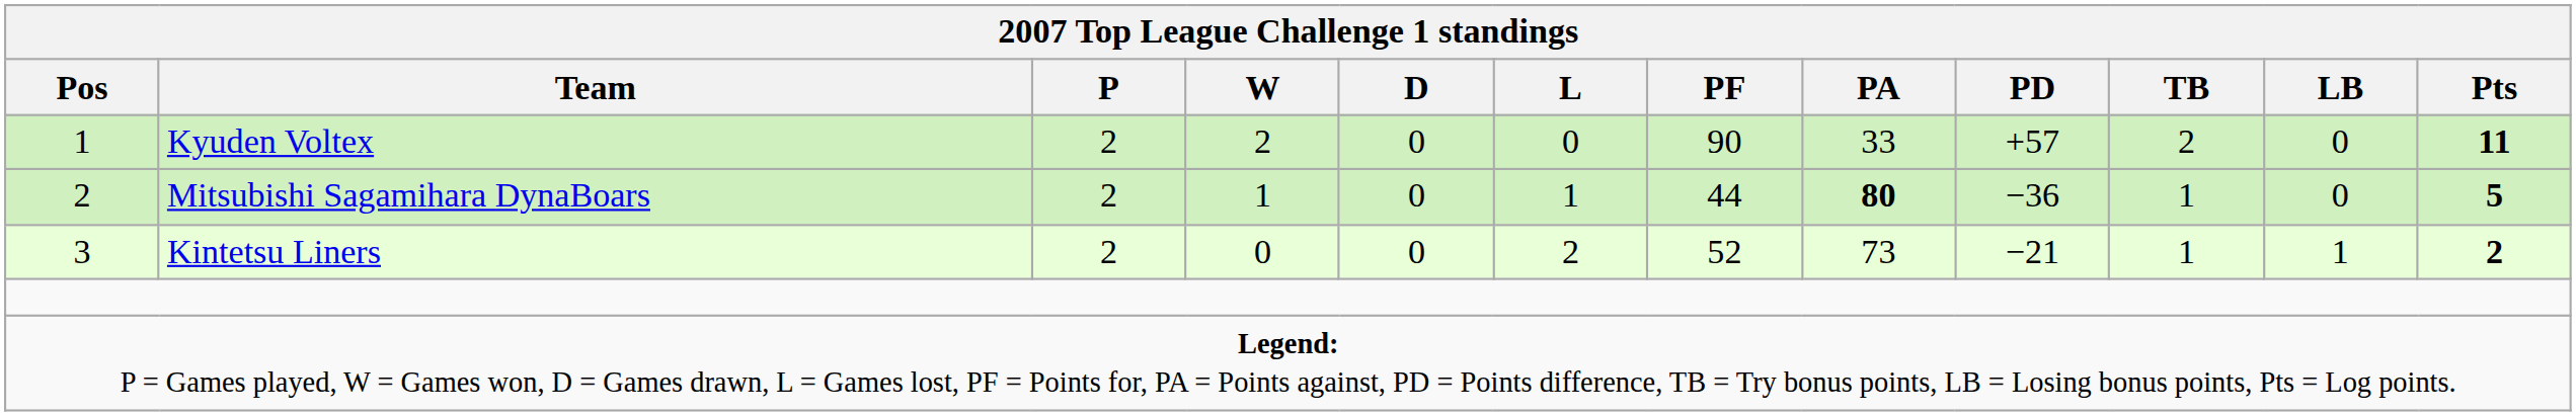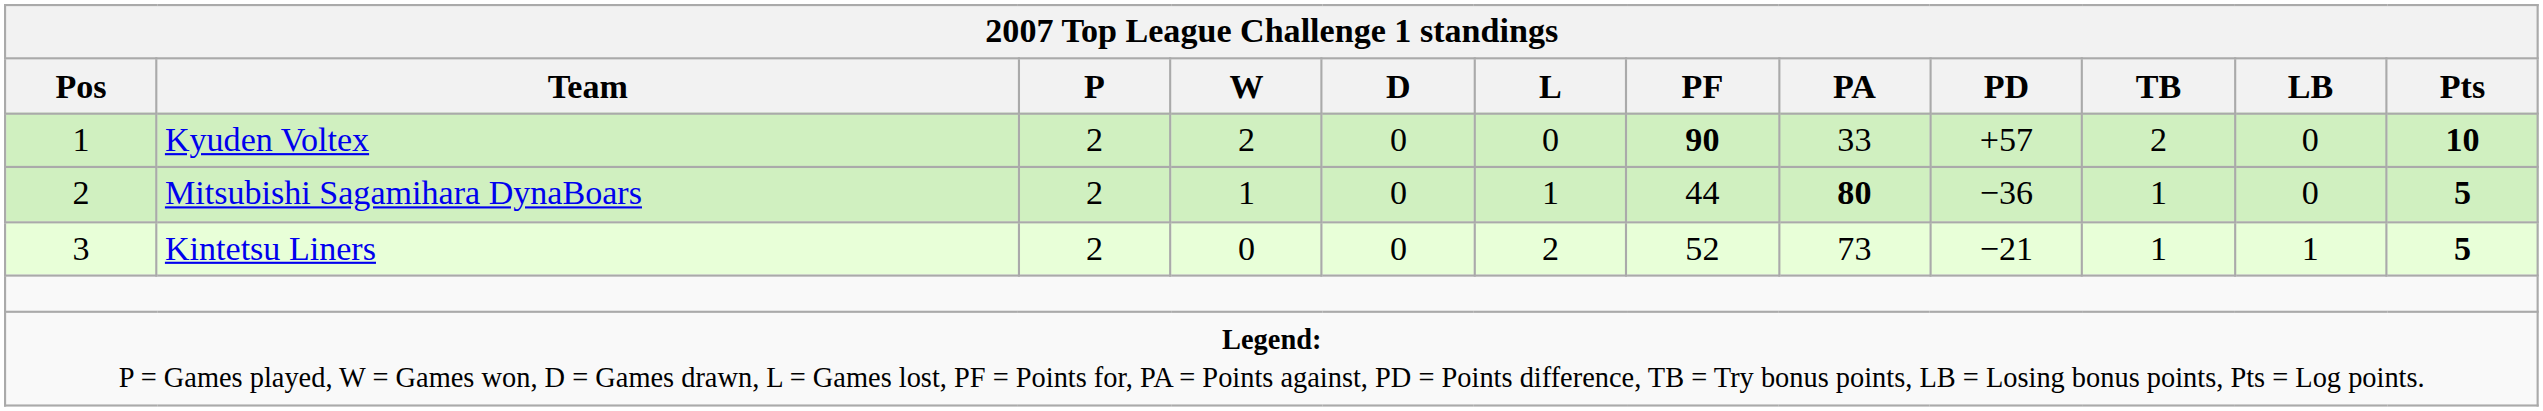 <table class="wikitable" style="text-align:center; font-size:100%; width:60%;">
 <tr>
 <th colspan="100%" cellpadding="0" cellspacing="0"><strong>2007 Top League Challenge 1 standings</strong></th>
 </tr>
 <tr>
 <th style="width:6%;">Pos</th>
 <th style="width:34%;">Team</th>
 <th style="width:6%;">P</th>
 <th style="width:6%;">W</th>
 <th style="width:6%;">D</th>
 <th style="width:6%;">L</th>
 <th style="width:6%;">PF</th>
 <th style="width:6%;">PA</th>
 <th style="width:6%;">PD</th>
 <th style="width:6%;">TB</th>
 <th style="width:6%;">LB</th>
 <th style="width:6%;">Pts<br></th>
 </tr>
 <tr style="background:#D0F0C0;">
 <td>1</td>
 <td style="text-align:left;"><a href='#'>Kyuden Voltex</a></td>
 <td>2</td>
 <td>2</td>
 <td>0</td>
 <td>0</td>
-<td>90</td>
+<td><strong>90</strong></td>
 <td>33</td>
 <td>+57</td>
 <td>2</td>
 <td>0</td>
-<td><strong>11</strong></td>
+<td><strong>10</strong></td>
 </tr>
 <tr style="background:#D0F0C0;">
 <td>2</td>
 <td style="text-align:left;"><a href='#'>Mitsubishi Sagamihara DynaBoars</a></td>
 <td>2</td>
 <td>1</td>
 <td>0</td>
 <td>1</td>
 <td>44</td>
 <td><strong>80</strong></td>
 <td>−36</td>
 <td>1</td>
 <td>0</td>
 <td><strong>5</strong></td>
 </tr>
 <tr style="background:#E8FFD8;">
 <td>3</td>
 <td style="text-align:left;"><a href='#'>Kintetsu Liners</a></td>
 <td>2</td>
 <td>0</td>
 <td>0</td>
 <td>2</td>
 <td>52</td>
 <td>73</td>
 <td>−21</td>
 <td>1</td>
 <td>1</td>
-<td><strong>2</strong></td>
+<td><strong>5</strong></td>
 </tr>
 <tr>
 <td colspan="100%" style="height:10px;"></td>
 </tr>
 <tr>
 <td colspan="100%"><small><strong>Legend:</strong> <br> P = Games played, W = Games won, D = Games drawn, L = Games lost, PF = Points for, PA = Points against, PD = Points difference, TB = Try bonus points, LB = Losing bonus points, Pts = Log points.</small></td>
 </tr>
 </table>
